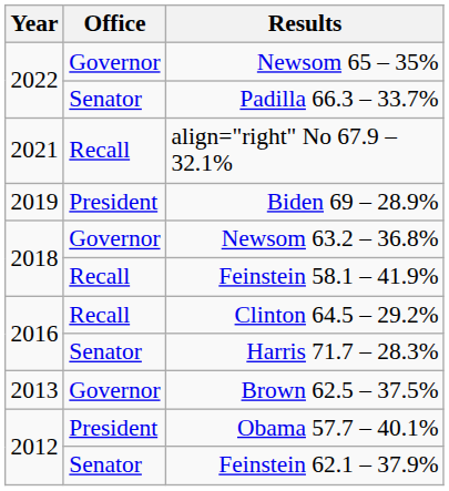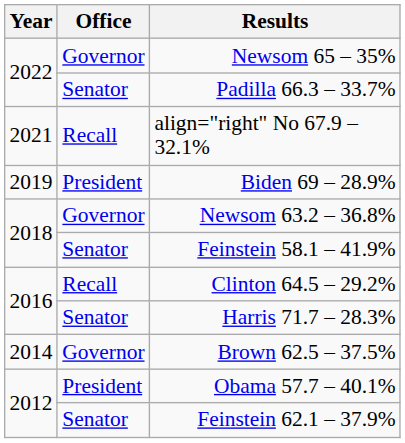 <table class=wikitable>
 <tr>
 <th width="30">Year</th>
 <th width="60">Office</th>
 <th width="180">Results</th>
 </tr>
 <tr>
 <td rowspan="2">2022</td>
 <td><a href='#'>Governor</a></td>
 <td align="right" ><a href='#'>Newsom</a> 65 – 35%</td>
 </tr>
 <tr>
 <td><a href='#'>Senator</a></td>
 <td align="right" ><a href='#'>Padilla</a> 66.3 – 33.7%</td>
 </tr>
 <tr>
 <td>2021</td>
 <td><a href='#'>Recall</a></td>
 <td>align="right"  No 67.9 – 32.1%</td>
 </tr>
 <tr>
 <td rowspan="1">2019</td>
 <td><a href='#'>President</a></td>
 <td align="right" ><a href='#'>Biden</a> 69 – 28.9%</td>
 </tr>
 <tr>
 <td rowspan="2">2018</td>
 <td><a href='#'>Governor</a></td>
 <td align="right" ><a href='#'>Newsom</a> 63.2 – 36.8%</td>
 </tr>
 <tr>
-<td><a href='#'>Recall</a></td>
+<td><a href='#'>Senator</a></td>
 <td align="right" ><a href='#'>Feinstein</a> 58.1 – 41.9%</td>
 </tr>
 <tr>
 <td rowspan="2">2016</td>
 <td><a href='#'>Recall</a></td>
 <td align="right" ><a href='#'>Clinton</a> 64.5 – 29.2%</td>
 </tr>
 <tr>
 <td><a href='#'>Senator</a></td>
 <td align="right" ><a href='#'>Harris</a> 71.7 – 28.3%</td>
 </tr>
 <tr>
-<td>2013</td>
+<td>2014</td>
 <td><a href='#'>Governor</a></td>
 <td align="right" ><a href='#'>Brown</a> 62.5 – 37.5%</td>
 </tr>
 <tr>
 <td rowspan="2">2012</td>
 <td><a href='#'>President</a></td>
 <td align="right" ><a href='#'>Obama</a> 57.7 – 40.1%</td>
 </tr>
 <tr>
 <td><a href='#'>Senator</a></td>
 <td align="right" ><a href='#'>Feinstein</a> 62.1 – 37.9%</td>
 </tr>
 </table>
